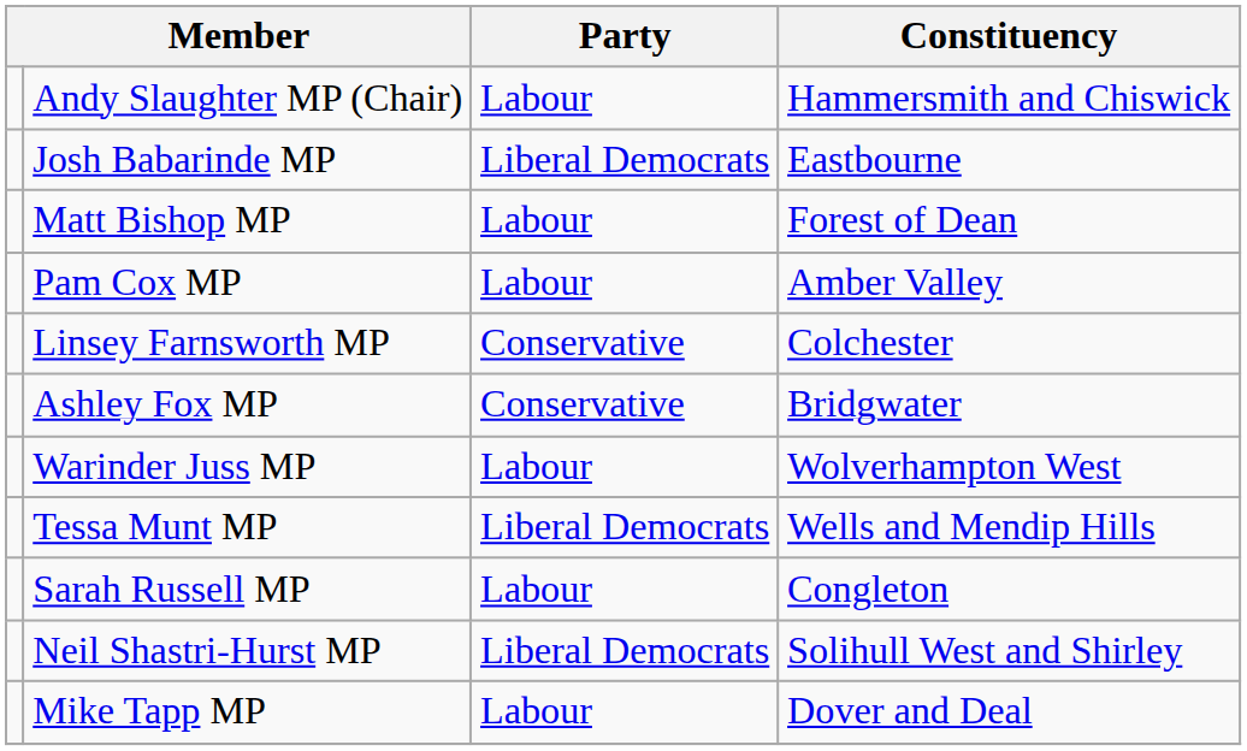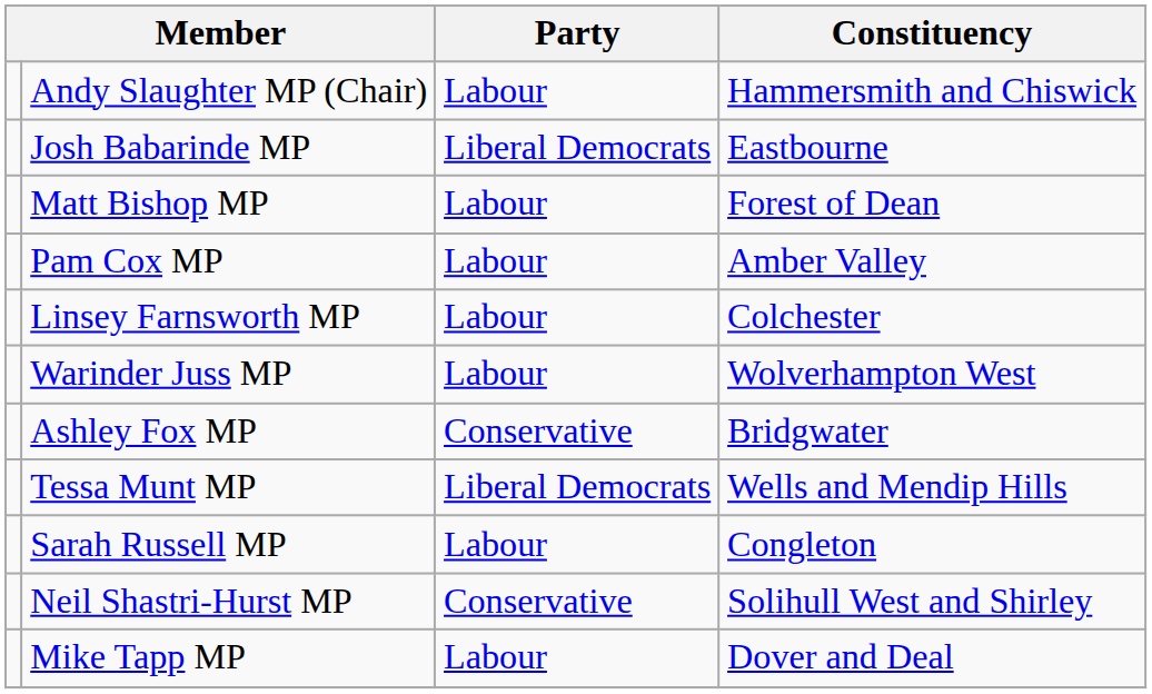 <table class="wikitable">
 <tr>
 <th colspan="2" valign="top">Member</th>
 <th valign="top">Party</th>
 <th valign="top">Constituency</th>
 </tr>
 <tr>
 <td style="color:inherit;background:"></td>
 <td><a href='#'>Andy Slaughter</a> MP (Chair)</td>
 <td><a href='#'>Labour</a></td>
 <td><a href='#'>Hammersmith and Chiswick</a></td>
 </tr>
 <tr>
 <td style="color:inherit;background:"></td>
 <td><a href='#'>Josh Babarinde</a> MP</td>
 <td><a href='#'>Liberal Democrats</a></td>
 <td><a href='#'>Eastbourne</a></td>
 </tr>
 <tr>
 <td style="color:inherit;background:"></td>
 <td><a href='#'>Matt Bishop</a> MP</td>
 <td><a href='#'>Labour</a></td>
 <td><a href='#'>Forest of Dean</a></td>
 </tr>
 <tr>
 <td style="color:inherit;background:"></td>
 <td><a href='#'>Pam Cox</a> MP</td>
 <td><a href='#'>Labour</a></td>
 <td><a href='#'>Amber Valley</a></td>
 </tr>
 <tr>
 <td style="color:inherit;background:"></td>
 <td><a href='#'>Linsey Farnsworth</a> MP</td>
-<td><a href='#'>Conservative</a></td>
+<td><a href='#'>Labour</a></td>
 <td><a href='#'>Colchester</a></td>
+</tr>
+<tr>
+<td style="color:inherit;background:"></td>
+<td><a href='#'>Warinder Juss</a> MP</td>
+<td><a href='#'>Labour</a></td>
+<td><a href='#'>Wolverhampton West</a></td>
 </tr>
 <tr>
 <td style="color:inherit;background:"></td>
 <td><a href='#'>Ashley Fox</a> MP</td>
 <td><a href='#'>Conservative</a></td>
 <td><a href='#'>Bridgwater</a></td>
-</tr>
-<tr>
-<td style="color:inherit;background:"></td>
-<td><a href='#'>Warinder Juss</a> MP</td>
-<td><a href='#'>Labour</a></td>
-<td><a href='#'>Wolverhampton West</a></td>
 </tr>
 <tr>
 <td style="color:inherit;background:"></td>
 <td><a href='#'>Tessa Munt</a> MP</td>
 <td><a href='#'>Liberal Democrats</a></td>
 <td><a href='#'>Wells and Mendip Hills</a></td>
 </tr>
 <tr>
 <td style="color:inherit;background:"></td>
 <td><a href='#'>Sarah Russell</a> MP</td>
 <td><a href='#'>Labour</a></td>
 <td><a href='#'>Congleton</a></td>
 </tr>
 <tr>
 <td style="color:inherit;background:"></td>
 <td><a href='#'>Neil Shastri-Hurst</a> MP</td>
-<td><a href='#'>Liberal Democrats</a></td>
+<td><a href='#'>Conservative</a></td>
 <td><a href='#'>Solihull West and Shirley</a></td>
 </tr>
 <tr>
 <td style="color:inherit;background:"></td>
 <td><a href='#'>Mike Tapp</a> MP</td>
 <td><a href='#'>Labour</a></td>
 <td><a href='#'>Dover and Deal</a></td>
 </tr>
 <tr>
 </tr>
 </table>
